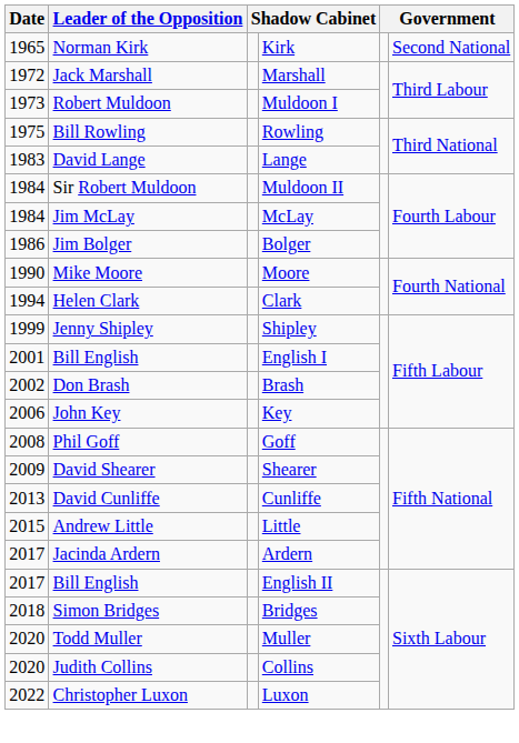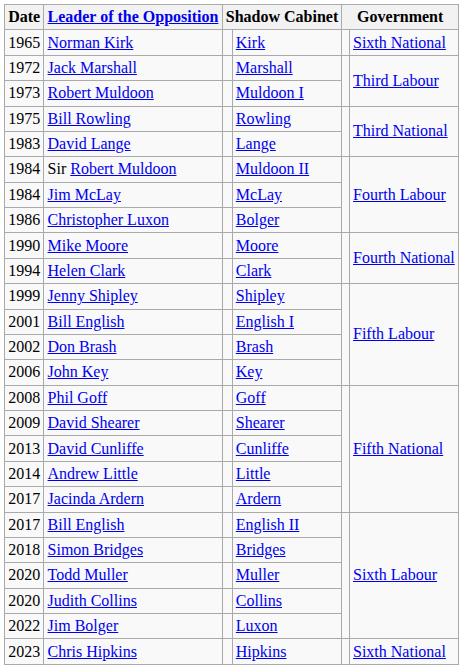 <table class="wikitable">
 <tr>
 <th>Date</th>
 <th><a href='#'>Leader of the Opposition</a></th>
 <th colspan="2">Shadow Cabinet</th>
 <th colspan="2">Government</th>
 </tr>
 <tr>
 <td>1965</td>
 <td><a href='#'>Norman Kirk</a></td>
 <td style="background: "></td>
 <td><a href='#'>Kirk</a></td>
 <td style="background: "></td>
-<td><a href='#'>Second National</a></td>
+<td><a href='#'>Sixth National</a></td>
 </tr>
 <tr>
 <td>1972</td>
 <td><a href='#'>Jack Marshall</a></td>
 <td style="background: "></td>
 <td><a href='#'>Marshall</a></td>
 <td rowspan="2" style="background: "></td>
 <td rowspan="2"><a href='#'>Third Labour</a></td>
 </tr>
 <tr>
 <td>1973</td>
 <td><a href='#'>Robert Muldoon</a></td>
 <td style="background: "></td>
 <td><a href='#'>Muldoon I</a></td>
 </tr>
 <tr>
 <td>1975</td>
 <td><a href='#'>Bill Rowling</a></td>
 <td style="background: "></td>
 <td><a href='#'>Rowling</a></td>
 <td rowspan="2" style="background: "></td>
 <td rowspan="2"><a href='#'>Third National</a></td>
 </tr>
 <tr>
 <td>1983</td>
 <td><a href='#'>David Lange</a></td>
 <td style="background: "></td>
 <td><a href='#'>Lange</a></td>
 </tr>
 <tr>
 <td>1984</td>
 <td>Sir <a href='#'>Robert Muldoon</a></td>
 <td style="background: "></td>
 <td><a href='#'>Muldoon II</a></td>
 <td rowspan="3" style="background: "></td>
 <td rowspan="3"><a href='#'>Fourth Labour</a></td>
 </tr>
 <tr>
 <td>1984</td>
 <td><a href='#'>Jim McLay</a></td>
 <td style="background: "></td>
 <td><a href='#'>McLay</a></td>
 </tr>
 <tr>
 <td>1986</td>
-<td><a href='#'>Jim Bolger</a></td>
+<td><a href='#'>Christopher Luxon</a></td>
 <td style="background: "></td>
 <td><a href='#'>Bolger</a></td>
 </tr>
 <tr>
 <td>1990</td>
 <td><a href='#'>Mike Moore</a></td>
 <td style="background: "></td>
 <td><a href='#'>Moore</a></td>
 <td rowspan="2" style="background: "></td>
 <td rowspan="2"><a href='#'>Fourth National</a></td>
 </tr>
 <tr>
 <td>1994</td>
 <td><a href='#'>Helen Clark</a></td>
 <td style="background: "></td>
 <td><a href='#'>Clark</a></td>
 </tr>
 <tr>
 <td>1999</td>
 <td><a href='#'>Jenny Shipley</a></td>
 <td style="background: "></td>
 <td><a href='#'>Shipley</a></td>
 <td rowspan="4" style="background: "></td>
 <td rowspan="4"><a href='#'>Fifth Labour</a></td>
 </tr>
 <tr>
 <td>2001</td>
 <td><a href='#'>Bill English</a></td>
 <td style="background: "></td>
 <td><a href='#'>English I</a></td>
 </tr>
 <tr>
 <td>2002</td>
 <td><a href='#'>Don Brash</a></td>
 <td style="background: "></td>
 <td><a href='#'>Brash</a></td>
 </tr>
 <tr>
 <td>2006</td>
 <td><a href='#'>John Key</a></td>
 <td style="background: "></td>
 <td><a href='#'>Key</a></td>
 </tr>
 <tr>
 <td>2008</td>
 <td><a href='#'>Phil Goff</a></td>
 <td style="background: "></td>
 <td><a href='#'>Goff</a></td>
 <td rowspan="5" style="background: "></td>
 <td rowspan="5"><a href='#'>Fifth National</a></td>
 </tr>
 <tr>
 <td>2009</td>
 <td><a href='#'>David Shearer</a></td>
 <td style="background: "></td>
 <td><a href='#'>Shearer</a></td>
 </tr>
 <tr>
 <td>2013</td>
 <td><a href='#'>David Cunliffe</a></td>
 <td style="background: "></td>
 <td><a href='#'>Cunliffe</a></td>
 </tr>
 <tr>
-<td>2015</td>
+<td>2014</td>
 <td><a href='#'>Andrew Little</a></td>
 <td style="background: "></td>
 <td><a href='#'>Little</a></td>
 </tr>
 <tr>
 <td>2017</td>
 <td><a href='#'>Jacinda Ardern</a></td>
 <td style="background: "></td>
 <td><a href='#'>Ardern</a></td>
 </tr>
 <tr>
 <td>2017</td>
 <td><a href='#'>Bill English</a></td>
 <td style="background: "></td>
 <td><a href='#'>English II</a></td>
 <td rowspan="5" style="background: "></td>
 <td rowspan="5"><a href='#'>Sixth Labour</a></td>
 </tr>
 <tr>
 <td>2018</td>
 <td><a href='#'>Simon Bridges</a></td>
 <td style="background: "></td>
 <td><a href='#'>Bridges</a></td>
 </tr>
 <tr>
 <td>2020</td>
 <td><a href='#'>Todd Muller</a></td>
 <td style="background: "></td>
 <td><a href='#'>Muller</a></td>
 </tr>
 <tr>
 <td>2020</td>
 <td><a href='#'>Judith Collins</a></td>
 <td style="background: "></td>
 <td><a href='#'>Collins</a></td>
 </tr>
 <tr>
 <td>2022</td>
-<td><a href='#'>Christopher Luxon</a></td>
+<td><a href='#'>Jim Bolger</a></td>
 <td style="background: "></td>
 <td><a href='#'>Luxon</a></td>
 </tr>
+<tr>
+<td>2023</td>
+<td><a href='#'>Chris Hipkins</a></td>
+<td style="background: "></td>
+<td><a href='#'>Hipkins</a></td>
+<td style="background: "></td>
+<td><a href='#'>Sixth National</a></td>
+</tr>
 </table>
